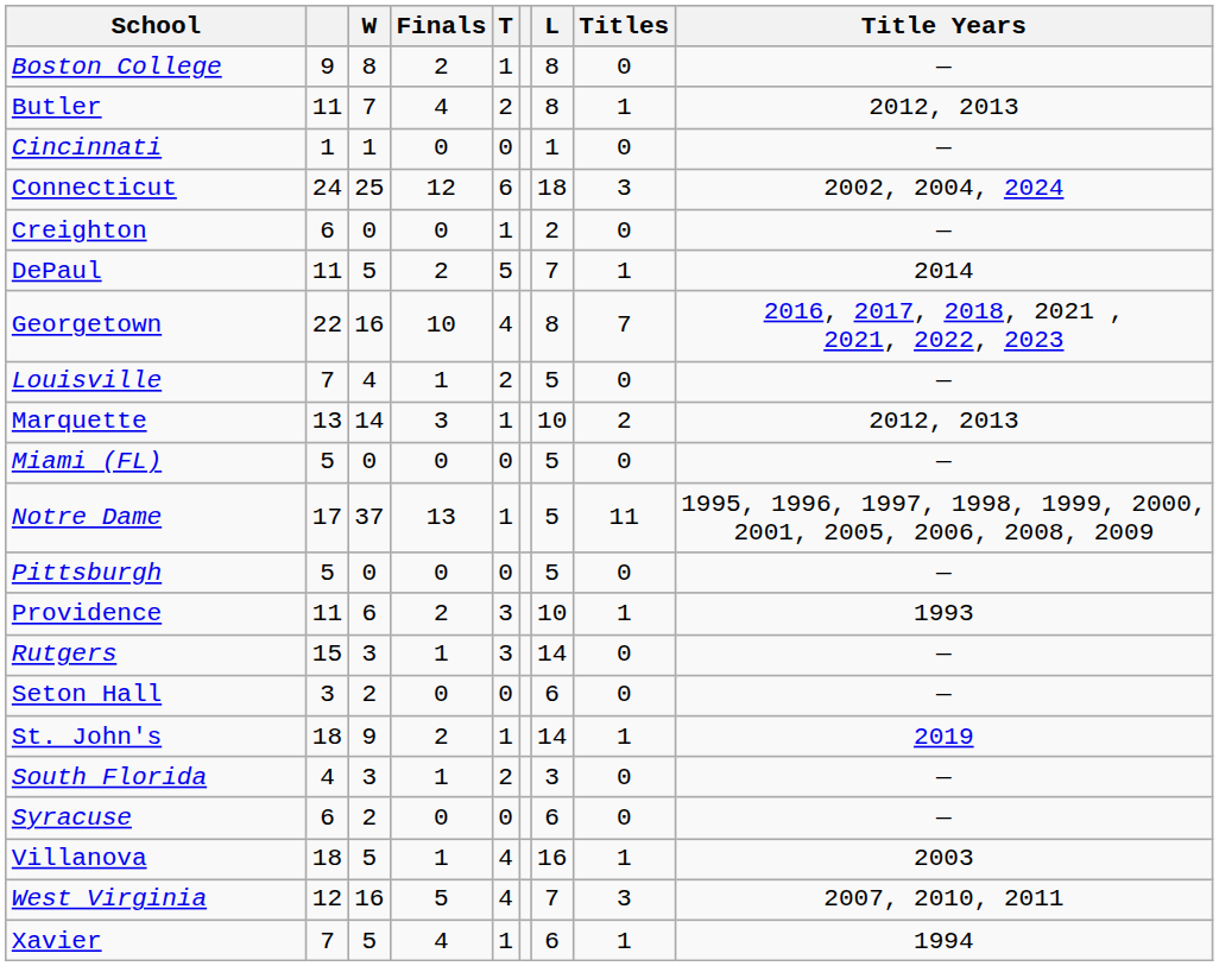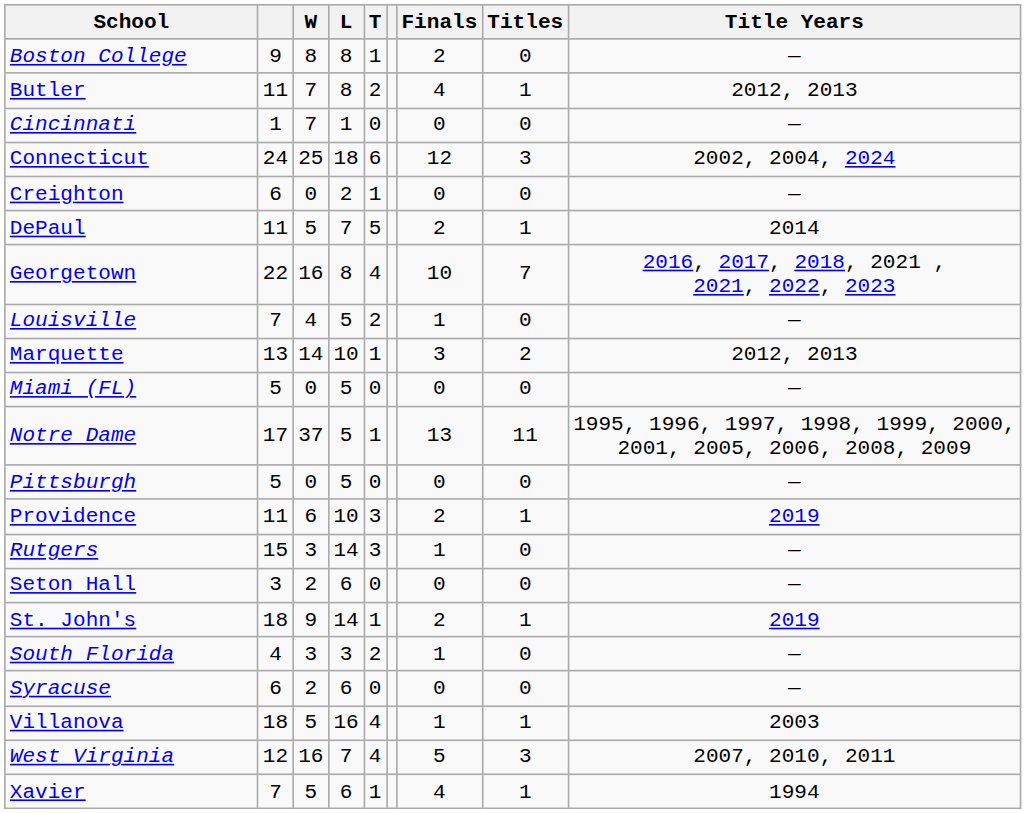 <table class="wikitable sortable" style="font-size: %; text-align:center">
 <tr>
 <th width=150px>School</th>
 <th width=px></th>
 <th width=px>W</th>
-<th width=px>Finals</th>
+<th width=px>L</th>
 <th width=px>T</th>
 <th width=px></th>
-<th width=px>L</th>
+<th width=px>Finals</th>
 <th width=px>Titles</th>
 <th width=px>Title Years</th>
 </tr>
 <tr>
 <td align=left><em><a href='#'>Boston College</a></em></td>
 <td>9</td>
 <td>8</td>
-<td>2</td>
+<td>8</td>
 <td>1</td>
 <td></td>
-<td>8</td>
+<td>2</td>
 <td>0</td>
 <td>—</td>
 </tr>
 <tr>
 <td align=left><a href='#'>Butler</a></td>
 <td>11</td>
 <td>7</td>
-<td>4</td>
+<td>8</td>
 <td>2</td>
 <td></td>
-<td>8</td>
+<td>4</td>
 <td>1</td>
 <td>2012, 2013</td>
 </tr>
 <tr>
 <td align=left><em><a href='#'>Cincinnati</a></em></td>
 <td>1</td>
+<td>7</td>
 <td>1</td>
 <td>0</td>
+<td></td>
 <td>0</td>
-<td></td>
-<td>1</td>
 <td>0</td>
 <td>—</td>
 </tr>
 <tr>
 <td align=left><a href='#'>Connecticut</a></td>
 <td>24</td>
 <td>25</td>
-<td>12</td>
+<td>18</td>
 <td>6</td>
 <td></td>
-<td>18</td>
+<td>12</td>
 <td>3</td>
 <td>2002, 2004, <a href='#'>2024</a></td>
 </tr>
 <tr>
 <td align=left><a href='#'>Creighton</a></td>
 <td>6</td>
 <td>0</td>
-<td>0</td>
+<td>2</td>
 <td>1</td>
 <td></td>
-<td>2</td>
+<td>0</td>
 <td>0</td>
 <td>—</td>
 </tr>
 <tr>
 <td align=left><a href='#'>DePaul</a></td>
 <td>11</td>
 <td>5</td>
-<td>2</td>
+<td>7</td>
 <td>5</td>
 <td></td>
-<td>7</td>
+<td>2</td>
 <td>1</td>
 <td>2014</td>
 </tr>
 <tr>
 <td align=left><a href='#'>Georgetown</a></td>
 <td>22</td>
 <td>16</td>
-<td>10</td>
+<td>8</td>
 <td>4</td>
 <td></td>
-<td>8</td>
+<td>10</td>
 <td>7</td>
 <td><a href='#'>2016</a>, <a href='#'>2017</a>, <a href='#'>2018</a>, 2021 ,<br><a href='#'>2021</a>, <a href='#'>2022</a>, <a href='#'>2023</a></td>
 </tr>
 <tr>
 <td align=left><em><a href='#'>Louisville</a></em></td>
 <td>7</td>
 <td>4</td>
-<td>1</td>
+<td>5</td>
 <td>2</td>
 <td></td>
-<td>5</td>
+<td>1</td>
 <td>0</td>
 <td>—</td>
 </tr>
 <tr>
 <td align=left><a href='#'>Marquette</a></td>
 <td>13</td>
 <td>14</td>
-<td>3</td>
+<td>10</td>
 <td>1</td>
 <td></td>
-<td>10</td>
+<td>3</td>
 <td>2</td>
 <td>2012, 2013</td>
 </tr>
 <tr>
 <td align=left><em><a href='#'>Miami (FL)</a></em></td>
 <td>5</td>
 <td>0</td>
-<td>0</td>
+<td>5</td>
 <td>0</td>
 <td></td>
-<td>5</td>
+<td>0</td>
 <td>0</td>
 <td>—</td>
 </tr>
 <tr>
 <td align=left><em><a href='#'>Notre Dame</a></em></td>
 <td>17</td>
 <td>37</td>
-<td>13</td>
+<td>5</td>
 <td>1</td>
 <td></td>
-<td>5</td>
+<td>13</td>
 <td>11</td>
 <td>1995, 1996, 1997, 1998, 1999, 2000,<br>2001, 2005, 2006, 2008, 2009</td>
 </tr>
 <tr>
 <td align=left><em><a href='#'>Pittsburgh</a></em></td>
 <td>5</td>
 <td>0</td>
-<td>0</td>
+<td>5</td>
 <td>0</td>
 <td></td>
-<td>5</td>
+<td>0</td>
 <td>0</td>
 <td>—</td>
 </tr>
 <tr>
 <td align=left><a href='#'>Providence</a></td>
 <td>11</td>
 <td>6</td>
-<td>2</td>
+<td>10</td>
 <td>3</td>
 <td></td>
-<td>10</td>
+<td>2</td>
 <td>1</td>
-<td>1993</td>
+<td><a href='#'>2019</a></td>
 </tr>
 <tr>
 <td align=left><em><a href='#'>Rutgers</a></em></td>
 <td>15</td>
 <td>3</td>
-<td>1</td>
+<td>14</td>
 <td>3</td>
 <td></td>
-<td>14</td>
+<td>1</td>
 <td>0</td>
 <td>—</td>
 </tr>
 <tr>
 <td align=left><a href='#'>Seton Hall</a></td>
 <td>3</td>
 <td>2</td>
-<td>0</td>
+<td>6</td>
 <td>0</td>
 <td></td>
-<td>6</td>
+<td>0</td>
 <td>0</td>
 <td>—</td>
 </tr>
 <tr>
 <td align=left><a href='#'>St. John's</a></td>
 <td>18</td>
 <td>9</td>
-<td>2</td>
+<td>14</td>
 <td>1</td>
 <td></td>
-<td>14</td>
+<td>2</td>
 <td>1</td>
 <td><a href='#'>2019</a></td>
 </tr>
 <tr>
 <td align=left><em><a href='#'>South Florida</a></em></td>
 <td>4</td>
 <td>3</td>
-<td>1</td>
+<td>3</td>
 <td>2</td>
 <td></td>
-<td>3</td>
+<td>1</td>
 <td>0</td>
 <td>—</td>
 </tr>
 <tr>
 <td align=left><em><a href='#'>Syracuse</a></em></td>
 <td>6</td>
 <td>2</td>
-<td>0</td>
+<td>6</td>
 <td>0</td>
 <td></td>
-<td>6</td>
+<td>0</td>
 <td>0</td>
 <td>—</td>
 </tr>
 <tr>
 <td align=left><a href='#'>Villanova</a></td>
 <td>18</td>
 <td>5</td>
-<td>1</td>
+<td>16</td>
 <td>4</td>
 <td></td>
-<td>16</td>
+<td>1</td>
 <td>1</td>
 <td>2003</td>
 </tr>
 <tr>
 <td align=left><em><a href='#'>West Virginia</a></em></td>
 <td>12</td>
 <td>16</td>
-<td>5</td>
+<td>7</td>
 <td>4</td>
 <td></td>
-<td>7</td>
+<td>5</td>
 <td>3</td>
 <td>2007, 2010, 2011</td>
 </tr>
 <tr>
 <td align=left><a href='#'>Xavier</a></td>
 <td>7</td>
 <td>5</td>
-<td>4</td>
+<td>6</td>
 <td>1</td>
 <td></td>
-<td>6</td>
+<td>4</td>
 <td>1</td>
 <td>1994</td>
 </tr>
 </table>
